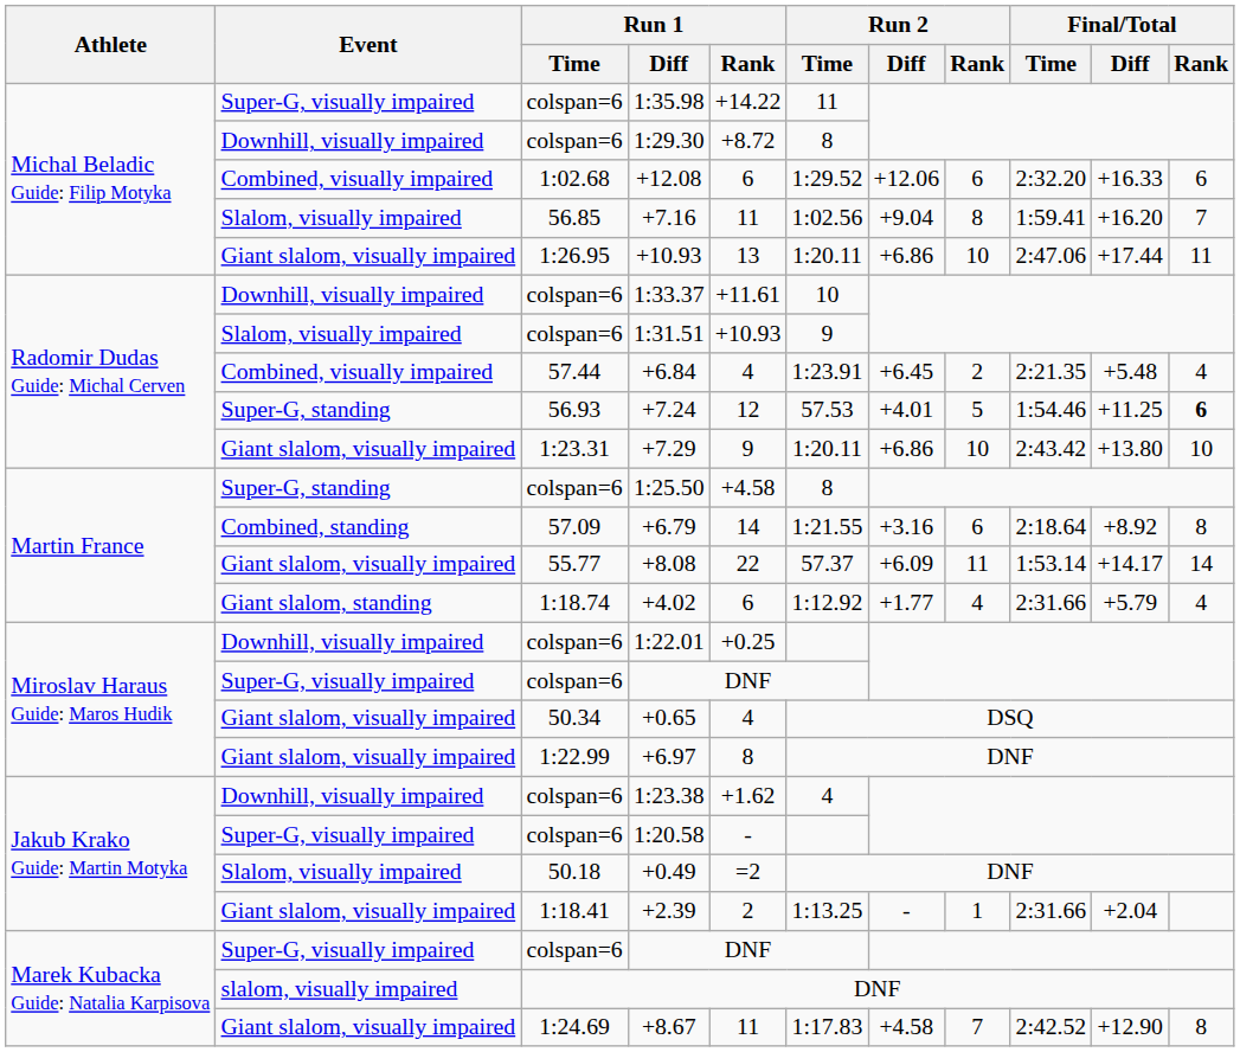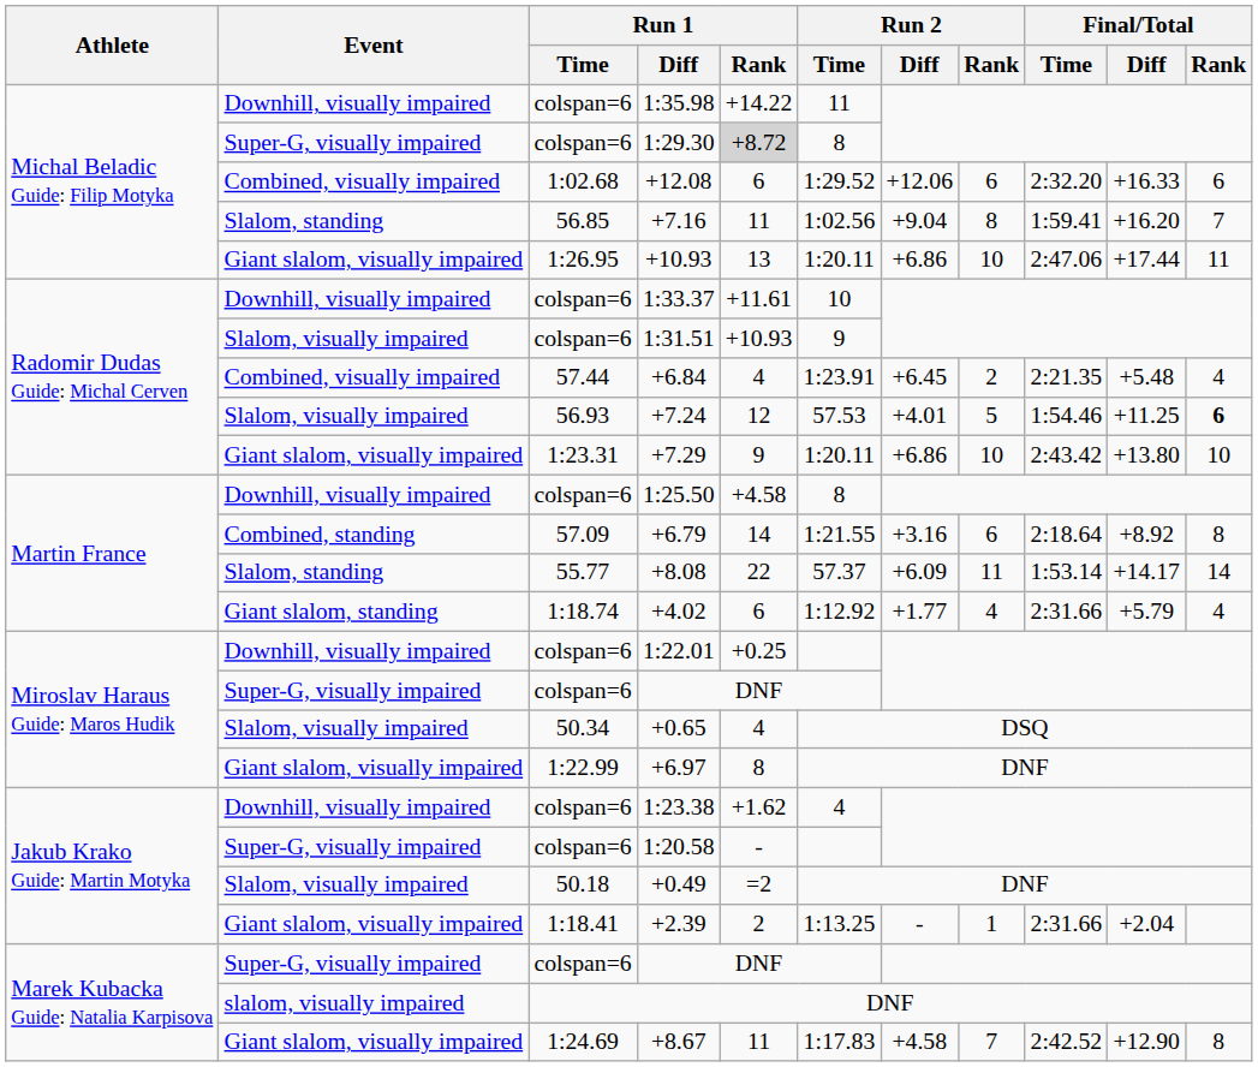 <table class="wikitable" style="font-size:90%">
 <tr>
 <th rowspan="2">Athlete</th>
 <th rowspan="2">Event</th>
 <th colspan="3">Run 1</th>
 <th colspan="3">Run 2</th>
 <th colspan="3">Final/Total</th>
 </tr>
 <tr>
 <th>Time</th>
 <th>Diff</th>
 <th>Rank</th>
 <th>Time</th>
 <th>Diff</th>
 <th>Rank</th>
 <th>Time</th>
 <th>Diff</th>
 <th>Rank</th>
 </tr>
 <tr>
 <td rowspan=5><a href='#'>Michal Beladic</a><br><small><a href='#'>Guide</a>: <a href='#'>Filip Motyka</a> </small></td>
-<td><a href='#'>Super-G, visually impaired</a></td>
+<td><a href='#'>Downhill, visually impaired</a></td>
 <td>colspan=6 </td>
 <td align="center">1:35.98</td>
 <td align="center">+14.22</td>
 <td align="center">11</td>
 </tr>
 <tr>
-<td><a href='#'>Downhill, visually impaired</a></td>
+<td><a href='#'>Super-G, visually impaired</a></td>
 <td>colspan=6 </td>
 <td align="center">1:29.30</td>
-<td align="center">+8.72</td>
+<td align="center" style="background: lightgrey;">+8.72</td>
 <td align="center">8</td>
 </tr>
 <tr>
 <td><a href='#'>Combined, visually impaired</a></td>
 <td align="center">1:02.68</td>
 <td align="center">+12.08</td>
 <td align="center">6</td>
 <td align="center">1:29.52</td>
 <td align="center">+12.06</td>
 <td align="center">6</td>
 <td align="center">2:32.20</td>
 <td align="center">+16.33</td>
 <td align="center">6</td>
 </tr>
 <tr>
-<td><a href='#'>Slalom, visually impaired</a></td>
+<td><a href='#'>Slalom, standing</a></td>
 <td align="center">56.85</td>
 <td align="center">+7.16</td>
 <td align="center">11</td>
 <td align="center">1:02.56</td>
 <td align="center">+9.04</td>
 <td align="center">8</td>
 <td align="center">1:59.41</td>
 <td align="center">+16.20</td>
 <td align="center">7</td>
 </tr>
 <tr>
 <td><a href='#'>Giant slalom, visually impaired</a></td>
 <td align="center">1:26.95</td>
 <td align="center">+10.93</td>
 <td align="center">13</td>
 <td align="center">1:20.11</td>
 <td align="center">+6.86</td>
 <td align="center">10</td>
 <td align="center">2:47.06</td>
 <td align="center">+17.44</td>
 <td align="center">11</td>
 </tr>
 <tr>
 <td rowspan=5><a href='#'>Radomir Dudas</a><br><small><a href='#'>Guide</a>: <a href='#'>Michal Cerven</a> </small></td>
 <td><a href='#'>Downhill, visually impaired</a></td>
 <td>colspan=6 </td>
 <td align="center">1:33.37</td>
 <td align="center">+11.61</td>
 <td align="center">10</td>
 </tr>
 <tr>
 <td><a href='#'>Slalom, visually impaired</a></td>
 <td>colspan=6 </td>
 <td align="center">1:31.51</td>
 <td align="center">+10.93</td>
 <td align="center">9</td>
 </tr>
 <tr>
 <td><a href='#'>Combined, visually impaired</a></td>
 <td align="center">57.44</td>
 <td align="center">+6.84</td>
 <td align="center">4</td>
 <td align="center">1:23.91</td>
 <td align="center">+6.45</td>
 <td align="center">2</td>
 <td align="center">2:21.35</td>
 <td align="center">+5.48</td>
 <td align="center">4</td>
 </tr>
 <tr>
-<td><a href='#'>Super-G, standing</a></td>
+<td><a href='#'>Slalom, visually impaired</a></td>
 <td align="center">56.93</td>
 <td align="center">+7.24</td>
 <td align="center">12</td>
 <td align="center">57.53</td>
 <td align="center">+4.01</td>
 <td align="center">5</td>
 <td align="center">1:54.46</td>
 <td align="center">+11.25</td>
 <td align="center"><strong>6</strong></td>
 </tr>
 <tr>
 <td><a href='#'>Giant slalom, visually impaired</a></td>
 <td align="center">1:23.31</td>
 <td align="center">+7.29</td>
 <td align="center">9</td>
 <td align="center">1:20.11</td>
 <td align="center">+6.86</td>
 <td align="center">10</td>
 <td align="center">2:43.42</td>
 <td align="center">+13.80</td>
 <td align="center">10</td>
 </tr>
 <tr>
 <td rowspan=4><a href='#'>Martin France</a></td>
-<td><a href='#'>Super-G, standing</a></td>
+<td><a href='#'>Downhill, visually impaired</a></td>
 <td>colspan=6 </td>
 <td align="center">1:25.50</td>
 <td align="center">+4.58</td>
 <td align="center">8</td>
 </tr>
 <tr>
 <td><a href='#'>Combined, standing</a></td>
 <td align="center">57.09</td>
 <td align="center">+6.79</td>
 <td align="center">14</td>
 <td align="center">1:21.55</td>
 <td align="center">+3.16</td>
 <td align="center">6</td>
 <td align="center">2:18.64</td>
 <td align="center">+8.92</td>
 <td align="center">8</td>
 </tr>
 <tr>
-<td><a href='#'>Giant slalom, visually impaired</a></td>
+<td><a href='#'>Slalom, standing</a></td>
 <td align="center">55.77</td>
 <td align="center">+8.08</td>
 <td align="center">22</td>
 <td align="center">57.37</td>
 <td align="center">+6.09</td>
 <td align="center">11</td>
 <td align="center">1:53.14</td>
 <td align="center">+14.17</td>
 <td align="center">14</td>
 </tr>
 <tr>
 <td><a href='#'>Giant slalom, standing</a></td>
 <td align="center">1:18.74</td>
 <td align="center">+4.02</td>
 <td align="center">6</td>
 <td align="center">1:12.92</td>
 <td align="center">+1.77</td>
 <td align="center">4</td>
 <td align="center">2:31.66</td>
 <td align="center">+5.79</td>
 <td align="center">4</td>
 </tr>
 <tr>
 <td rowspan=4><a href='#'>Miroslav Haraus</a><br><small><a href='#'>Guide</a>: <a href='#'>Maros Hudik</a> </small></td>
 <td><a href='#'>Downhill, visually impaired</a></td>
 <td>colspan=6 </td>
 <td align="center">1:22.01</td>
 <td align="center">+0.25</td>
 <td align="center"></td>
 </tr>
 <tr>
 <td><a href='#'>Super-G, visually impaired</a></td>
 <td>colspan=6 </td>
 <td align="center" colspan=3>DNF</td>
 </tr>
 <tr>
-<td><a href='#'>Giant slalom, visually impaired</a></td>
+<td><a href='#'>Slalom, visually impaired</a></td>
 <td align="center">50.34</td>
 <td align="center">+0.65</td>
 <td align="center">4</td>
 <td align="center" colspan=6>DSQ</td>
 </tr>
 <tr>
 <td><a href='#'>Giant slalom, visually impaired</a></td>
 <td align="center">1:22.99</td>
 <td align="center">+6.97</td>
 <td align="center">8</td>
 <td align="center" colspan=6>DNF</td>
 </tr>
 <tr>
 <td rowspan=4><a href='#'>Jakub Krako</a><br><small><a href='#'>Guide</a>: <a href='#'>Martin Motyka</a> </small></td>
 <td><a href='#'>Downhill, visually impaired</a></td>
 <td>colspan=6 </td>
 <td align="center">1:23.38</td>
 <td align="center">+1.62</td>
 <td align="center">4</td>
 </tr>
 <tr>
 <td><a href='#'>Super-G, visually impaired</a></td>
 <td>colspan=6 </td>
 <td align="center">1:20.58</td>
 <td align="center">-</td>
 <td align="center"></td>
 </tr>
 <tr>
 <td><a href='#'>Slalom, visually impaired</a></td>
 <td align="center">50.18</td>
 <td align="center">+0.49</td>
 <td align="center">=2</td>
 <td align="center" colspan=6>DNF</td>
 </tr>
 <tr>
 <td><a href='#'>Giant slalom, visually impaired</a></td>
 <td align="center">1:18.41</td>
 <td align="center">+2.39</td>
 <td align="center">2</td>
 <td align="center">1:13.25</td>
 <td align="center">-</td>
 <td align="center">1</td>
 <td align="center">2:31.66</td>
 <td align="center">+2.04</td>
 <td align="center"></td>
 </tr>
 <tr>
 <td rowspan=4><a href='#'>Marek Kubacka</a><br><small><a href='#'>Guide</a>: <a href='#'>Natalia Karpisova</a> </small></td>
 <td><a href='#'>Super-G, visually impaired</a></td>
 <td>colspan=6 </td>
 <td align="center" colspan=3>DNF</td>
 </tr>
 <tr>
 <td><a href='#'>slalom, visually impaired</a></td>
 <td align="center" colspan=9>DNF</td>
 </tr>
 <tr>
 <td><a href='#'>Giant slalom, visually impaired</a></td>
 <td align="center">1:24.69</td>
 <td align="center">+8.67</td>
 <td align="center">11</td>
 <td align="center">1:17.83</td>
 <td align="center">+4.58</td>
 <td align="center">7</td>
 <td align="center">2:42.52</td>
 <td align="center">+12.90</td>
 <td align="center">8</td>
 </tr>
 </table>
